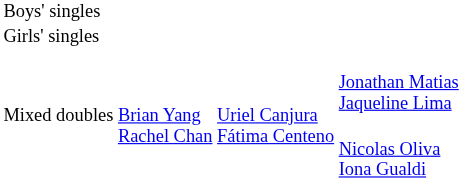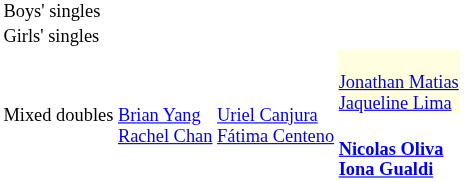 <table>
 <tr>
 <td rowspan=2>Boys' singles</td>
 <td rowspan=2></td>
 <td rowspan=2></td>
 <td></td>
 </tr>
 <tr>
 <td></td>
 </tr>
 <tr>
 <td rowspan=2>Girls' singles</td>
 <td rowspan=2></td>
 <td rowspan=2></td>
 <td></td>
 </tr>
 <tr>
 <td></td>
 </tr>
 <tr>
 <td rowspan=2>Mixed doubles</td>
 <td rowspan=2><br><a href='#'>Brian Yang</a><br><a href='#'>Rachel Chan</a></td>
 <td rowspan=2><br><a href='#'>Uriel Canjura</a><br><a href='#'>Fátima Centeno</a></td>
-<td><br><a href='#'>Jonathan Matias</a><br><a href='#'>Jaqueline Lima</a></td>
+<td style="background: lightyellow;"><br><a href='#'>Jonathan Matias</a><br><a href='#'>Jaqueline Lima</a></td>
 </tr>
 <tr>
-<td><br><a href='#'>Nicolas Oliva</a><br><a href='#'>Iona Gualdi</a></td>
+<td><strong><br><a href='#'>Nicolas Oliva</a><br><a href='#'>Iona Gualdi</a></strong></td>
 </tr>
 </table>
